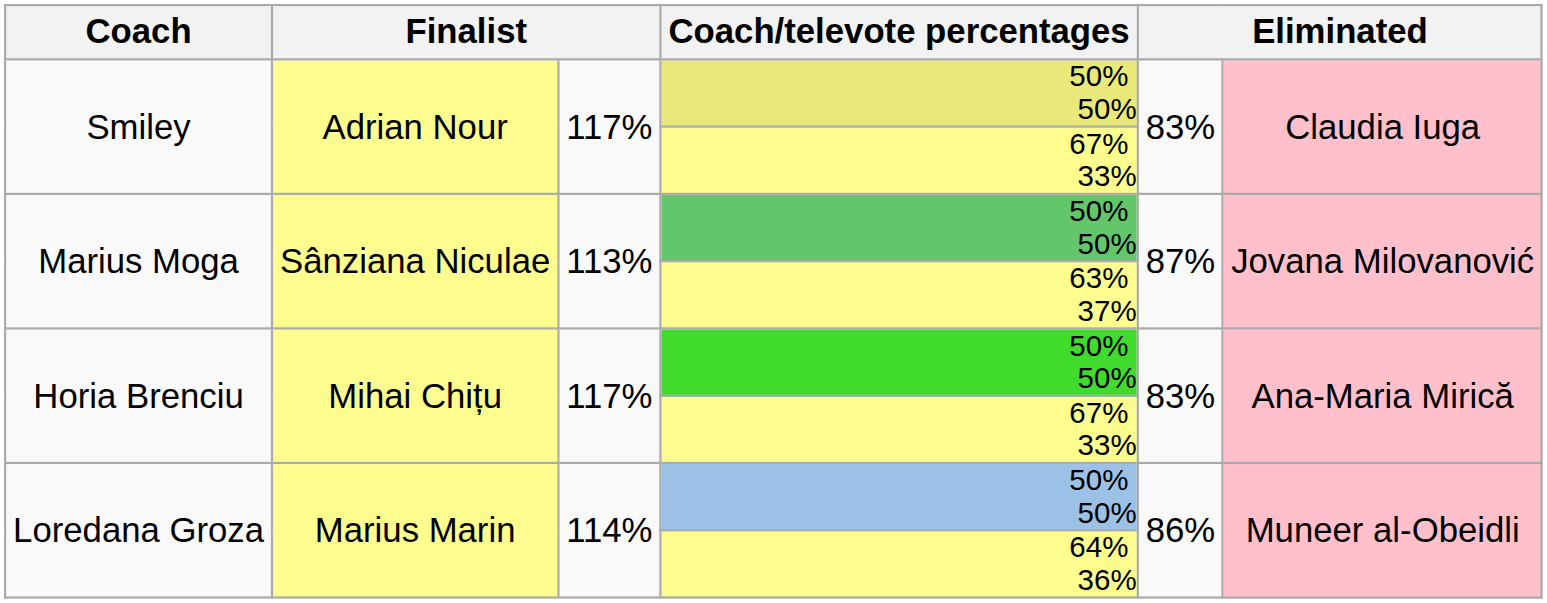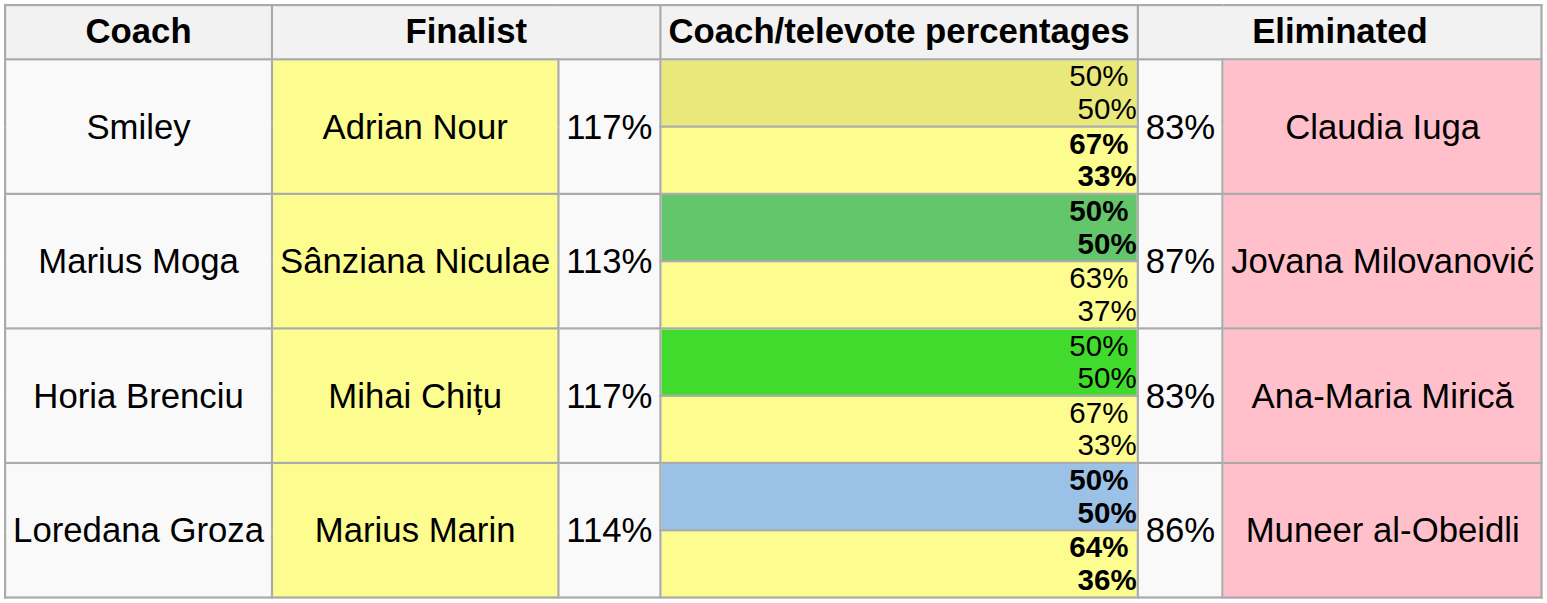 <table class="wikitable" style="text-align:center">
 <tr>
 <th>Coach</th>
 <th colspan="2">Finalist</th>
 <th>Coach/televote percentages</th>
 <th colspan="2">Eliminated</th>
 </tr>
 <tr>
 <td rowspan="2">Smiley</td>
 <td bgcolor="#fdfc8f" rowspan="2">Adrian Nour</td>
 <td rowspan="2">117%</td>
 <td style="padding:0;font-size:85%;text-align:right;background:#e9e87b">50% <div> 50%</div></td>
 <td rowspan="2">83%</td>
 <td bgcolor="pink" rowspan="2">Claudia Iuga</td>
 </tr>
 <tr>
-<td style="padding:0;font-size:85%;text-align:right;background:#fdfc8f">67% <div> 33%</div></td>
+<td style="padding:0;font-size:85%;text-align:right;background:#fdfc8f"><strong>67% <div> 33%</div></strong></td>
 </tr>
 <tr>
 <td rowspan="2">Marius Moga</td>
 <td bgcolor="#fdfc8f" rowspan="2">Sânziana Niculae</td>
 <td rowspan="2">113%</td>
-<td style="padding:0;font-size:85%;text-align:right;background:#63c66b">50% <div> 50%</div></td>
+<td style="padding:0;font-size:85%;text-align:right;background:#63c66b"><strong>50% <div> 50%</div></strong></td>
 <td rowspan="2">87%</td>
 <td bgcolor="pink" rowspan="2">Jovana Milovanović</td>
 </tr>
 <tr>
 <td style="padding:0;font-size:85%;text-align:right;background:#fdfc8f">63% <div> 37%</div></td>
 </tr>
 <tr>
 <td rowspan="2">Horia Brenciu</td>
 <td bgcolor="#fdfc8f" rowspan="2">Mihai Chițu</td>
 <td rowspan="2">117%</td>
 <td style="padding:0;font-size:85%;text-align:right;background:#41db2d">50% <div> 50%</div></td>
 <td rowspan="2">83%</td>
 <td bgcolor="pink" rowspan="2">Ana-Maria Mirică</td>
 </tr>
 <tr>
 <td style="padding:0;font-size:85%;text-align:right;background:#fdfc8f">67% <div> 33%</div></td>
 </tr>
 <tr>
 <td rowspan="2">Loredana Groza</td>
 <td bgcolor="#fdfc8f" rowspan="2">Marius Marin</td>
 <td rowspan="2">114%</td>
-<td style="padding:0;font-size:85%;text-align:right;background:#9bc1e6">50% <div> 50%</div></td>
+<td style="padding:0;font-size:85%;text-align:right;background:#9bc1e6"><strong>50% <div> 50%</div></strong></td>
 <td rowspan="2">86%</td>
 <td bgcolor="pink" rowspan="2">Muneer al-Obeidli</td>
 </tr>
 <tr>
-<td style="padding:0;font-size:85%;text-align:right;background:#fdfc8f">64% <div> 36%</div></td>
+<td style="padding:0;font-size:85%;text-align:right;background:#fdfc8f"><strong>64% <div> 36%</div></strong></td>
 </tr>
 </table>
